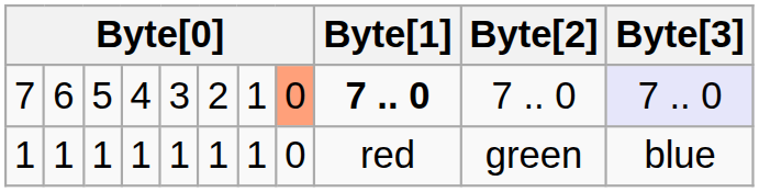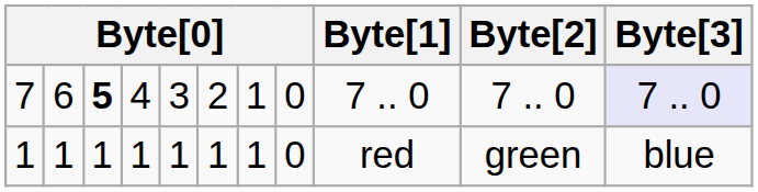 <table class="wikitable" style="text-align:center;">
 <tr>
 <th colspan="8">Byte[0]</th>
 <th>Byte[1]</th>
 <th>Byte[2]</th>
 <th>Byte[3]</th>
 </tr>
 <tr>
 <td>7</td>
 <td>6</td>
-<td>5</td>
+<td><strong>5</strong></td>
 <td>4</td>
 <td>3</td>
 <td>2</td>
 <td>1</td>
-<td style="background: lightsalmon;">0</td>
-<td><strong>7 .. 0</strong></td>
+<td>0</td>
+<td>7 .. 0</td>
 <td>7 .. 0</td>
 <td style="background: lavender;">7 .. 0</td>
 </tr>
 <tr>
 <td>1</td>
 <td>1</td>
 <td>1</td>
 <td>1</td>
 <td>1</td>
 <td>1</td>
 <td>1</td>
 <td>0</td>
 <td>red</td>
 <td>green</td>
 <td>blue</td>
 </tr>
 </table>
